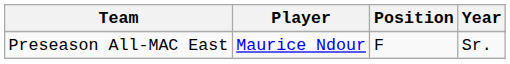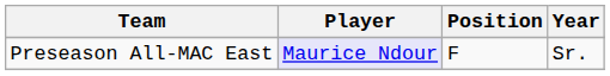 <table class="wikitable" border="1">
 <tr align=center>
 <th style= >Team</th>
 <th style= >Player</th>
 <th style= >Position</th>
 <th style= >Year</th>
 </tr>
 <tr align="center">
 </tr>
 <tr>
 <td>Preseason All-MAC East</td>
-<td><a href='#'>Maurice Ndour</a></td>
+<td style="background: lavender;"><a href='#'>Maurice Ndour</a></td>
 <td>F</td>
 <td>Sr.</td>
 </tr>
 <tr>
 </tr>
 </table>
